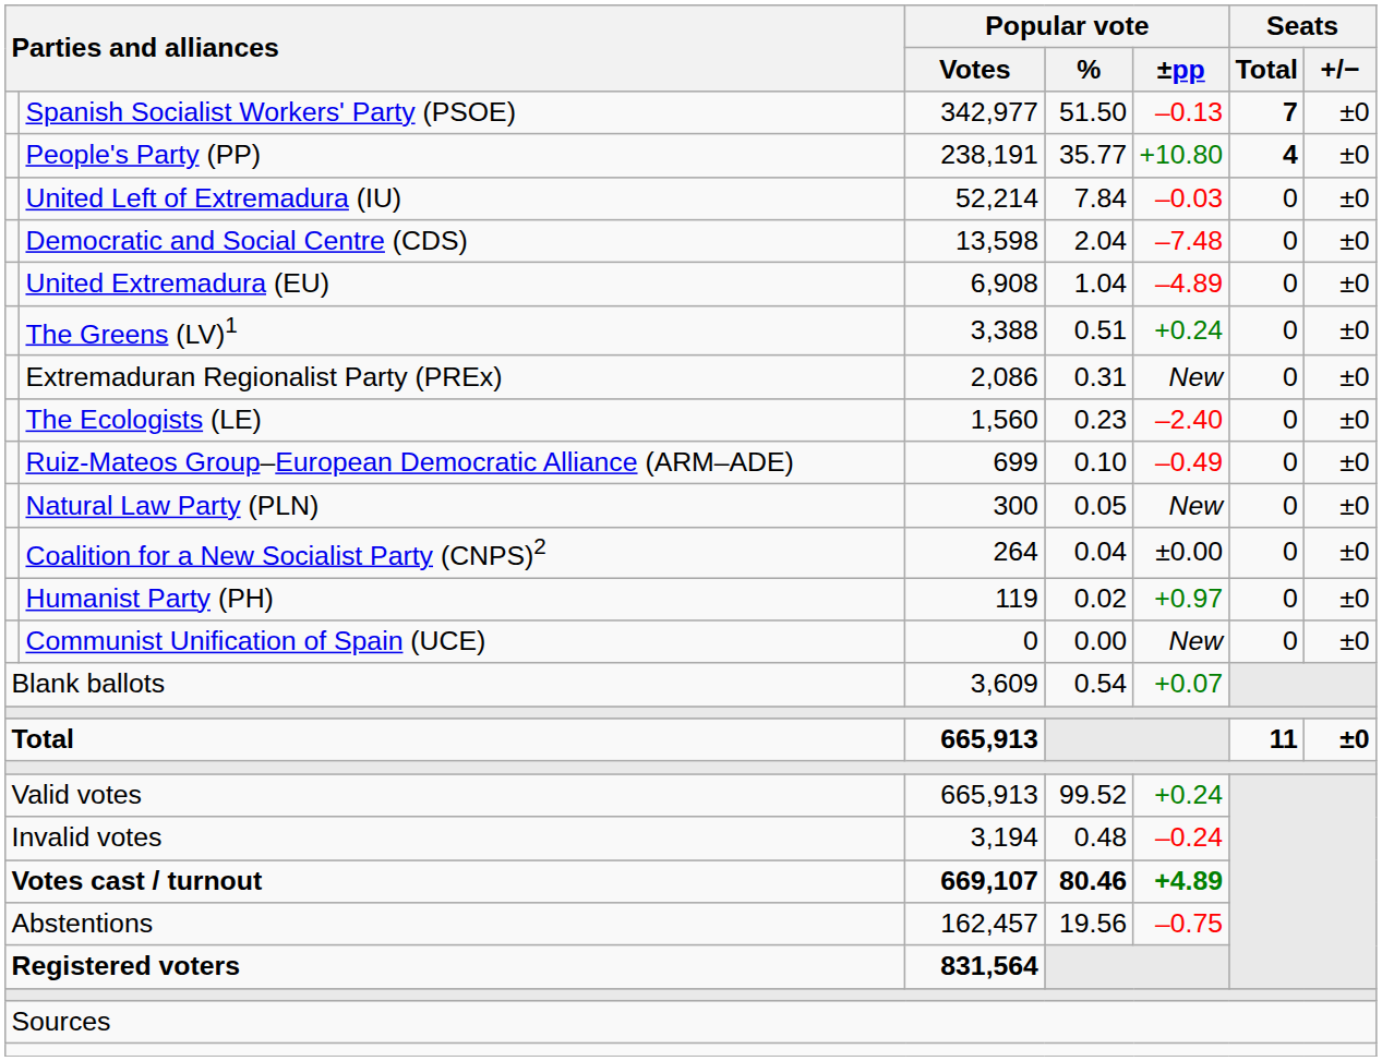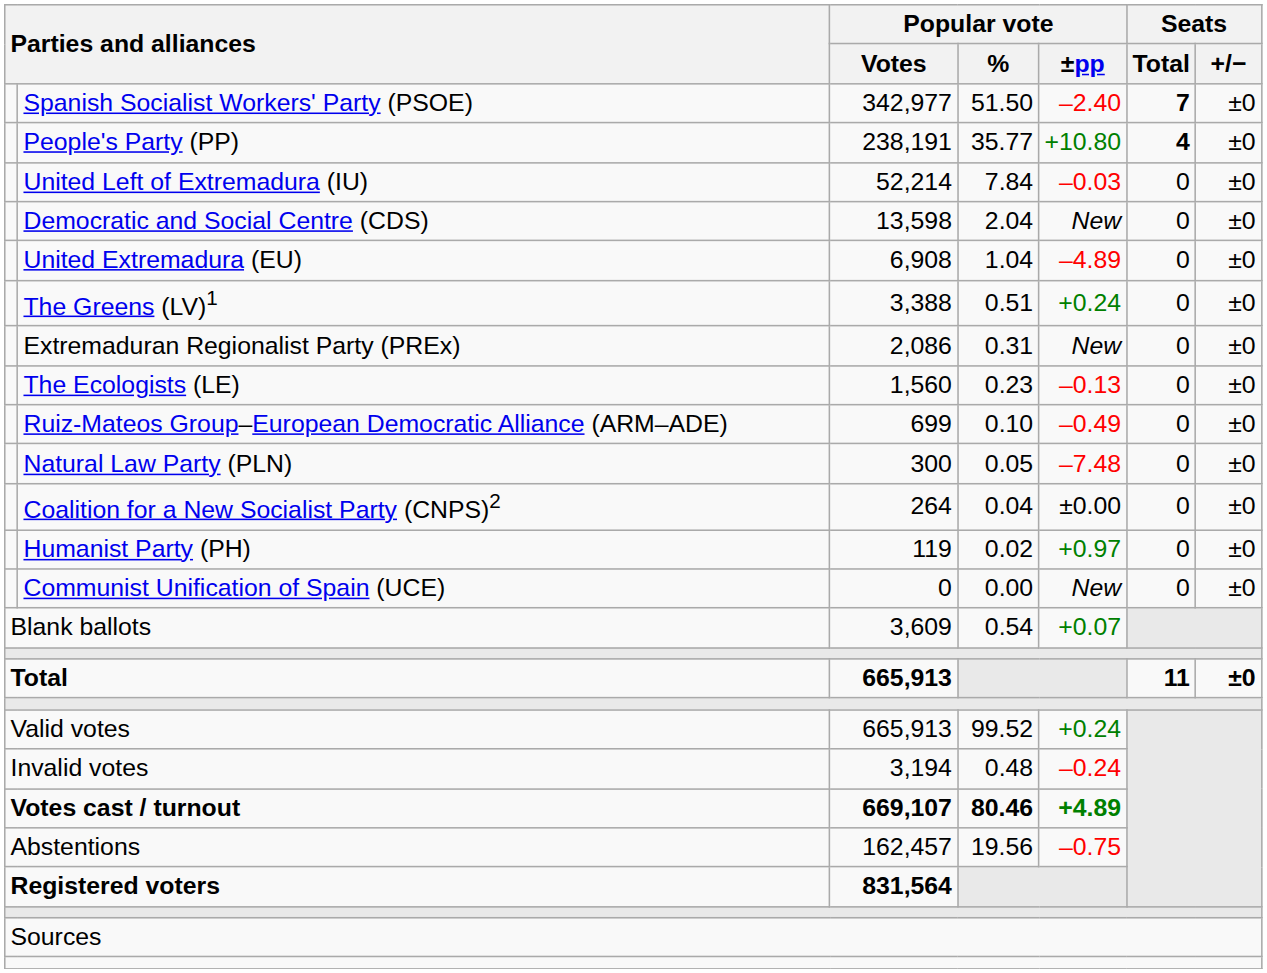 <table class="wikitable" style="text-align:right;">
 <tr>
 <th style="text-align:left;" rowspan="2" colspan="2" width="525">Parties and alliances</th>
 <th colspan="3">Popular vote</th>
 <th colspan="2">Seats</th>
 </tr>
 <tr>
 <th width="75">Votes</th>
 <th width="45">%</th>
 <th width="45">±<a href='#'>pp</a></th>
 <th width="35">Total</th>
 <th width="35">+/−</th>
 </tr>
 <tr>
 <td width="1" style="color:inherit;background:"></td>
 <td align="left"><a href='#'>Spanish Socialist Workers' Party</a> (PSOE)</td>
 <td>342,977</td>
 <td>51.50</td>
-<td style="color:red;">–0.13</td>
+<td style="color:red;">–2.40</td>
 <td><strong>7</strong></td>
 <td>±0</td>
 </tr>
 <tr>
 <td style="color:inherit;background:"></td>
 <td align="left"><a href='#'>People's Party</a> (PP)</td>
 <td>238,191</td>
 <td>35.77</td>
 <td style="color:green;">+10.80</td>
 <td><strong>4</strong></td>
 <td>±0</td>
 </tr>
 <tr>
 <td style="color:inherit;background:"></td>
 <td align="left"><a href='#'>United Left of Extremadura</a> (IU)</td>
 <td>52,214</td>
 <td>7.84</td>
 <td style="color:red;">–0.03</td>
 <td>0</td>
 <td>±0</td>
 </tr>
 <tr>
 <td style="color:inherit;background:"></td>
 <td align="left"><a href='#'>Democratic and Social Centre</a> (CDS)</td>
 <td>13,598</td>
 <td>2.04</td>
-<td style="color:red;">–7.48</td>
+<td><em>New</em></td>
 <td>0</td>
 <td>±0</td>
 </tr>
 <tr>
 <td style="color:inherit;background:"></td>
 <td align="left"><a href='#'>United Extremadura</a> (EU)</td>
 <td>6,908</td>
 <td>1.04</td>
 <td style="color:red;">–4.89</td>
 <td>0</td>
 <td>±0</td>
 </tr>
 <tr>
 <td style="color:inherit;background:"></td>
 <td align="left"><a href='#'>The Greens</a> (LV)<sup>1</sup></td>
 <td>3,388</td>
 <td>0.51</td>
 <td style="color:green;">+0.24</td>
 <td>0</td>
 <td>±0</td>
 </tr>
 <tr>
 <td style="color:inherit;background:"></td>
 <td align="left">Extremaduran Regionalist Party (PREx)</td>
 <td>2,086</td>
 <td>0.31</td>
 <td><em>New</em></td>
 <td>0</td>
 <td>±0</td>
 </tr>
 <tr>
 <td style="color:inherit;background:"></td>
 <td align="left"><a href='#'>The Ecologists</a> (LE)</td>
 <td>1,560</td>
 <td>0.23</td>
-<td style="color:red;">–2.40</td>
+<td style="color:red;">–0.13</td>
 <td>0</td>
 <td>±0</td>
 </tr>
 <tr>
 <td style="color:inherit;background:"></td>
 <td align="left"><a href='#'>Ruiz-Mateos Group</a>–<a href='#'>European Democratic Alliance</a> (ARM–ADE)</td>
 <td>699</td>
 <td>0.10</td>
 <td style="color:red;">–0.49</td>
 <td>0</td>
 <td>±0</td>
 </tr>
 <tr>
 <td style="color:inherit;background:"></td>
 <td align="left"><a href='#'>Natural Law Party</a> (PLN)</td>
 <td>300</td>
 <td>0.05</td>
-<td><em>New</em></td>
+<td style="color:red;">–7.48</td>
 <td>0</td>
 <td>±0</td>
 </tr>
 <tr>
 <td style="color:inherit;background:"></td>
 <td align="left"><a href='#'>Coalition for a New Socialist Party</a> (CNPS)<sup>2</sup></td>
 <td>264</td>
 <td>0.04</td>
 <td>±0.00</td>
 <td>0</td>
 <td>±0</td>
 </tr>
 <tr>
 <td style="color:inherit;background:"></td>
 <td align="left"><a href='#'>Humanist Party</a> (PH)</td>
 <td>119</td>
 <td>0.02</td>
 <td style="color:green;">+0.97</td>
 <td>0</td>
 <td>±0</td>
 </tr>
 <tr>
 <td style="color:inherit;background:"></td>
 <td align="left"><a href='#'>Communist Unification of Spain</a> (UCE)</td>
 <td>0</td>
 <td>0.00</td>
 <td><em>New</em></td>
 <td>0</td>
 <td>±0</td>
 </tr>
 <tr>
 <td align="left" colspan="2">Blank ballots</td>
 <td>3,609</td>
 <td>0.54</td>
 <td style="color:green;">+0.07</td>
 <td bgcolor="#E9E9E9" colspan="2"></td>
 </tr>
 <tr>
 <td colspan="7" bgcolor="#E9E9E9"></td>
 </tr>
 <tr style="font-weight:bold;">
 <td align="left" colspan="2">Total</td>
 <td>665,913</td>
 <td bgcolor="#E9E9E9" colspan="2"></td>
 <td>11</td>
 <td>±0</td>
 </tr>
 <tr>
 <td colspan="7" bgcolor="#E9E9E9"></td>
 </tr>
 <tr>
 <td align="left" colspan="2">Valid votes</td>
 <td>665,913</td>
 <td>99.52</td>
 <td style="color:green;">+0.24</td>
 <td bgcolor="#E9E9E9" colspan="2" rowspan="5"></td>
 </tr>
 <tr>
 <td align="left" colspan="2">Invalid votes</td>
 <td>3,194</td>
 <td>0.48</td>
 <td style="color:red;">–0.24</td>
 </tr>
 <tr style="font-weight:bold;">
 <td align="left" colspan="2">Votes cast / turnout</td>
 <td>669,107</td>
 <td>80.46</td>
 <td style="color:green;">+4.89</td>
 </tr>
 <tr>
 <td align="left" colspan="2">Abstentions</td>
 <td>162,457</td>
 <td>19.56</td>
 <td style="color:red;">–0.75</td>
 </tr>
 <tr style="font-weight:bold;">
 <td align="left" colspan="2">Registered voters</td>
 <td>831,564</td>
 <td bgcolor="#E9E9E9" colspan="2"></td>
 </tr>
 <tr>
 <td colspan="7" bgcolor="#E9E9E9"></td>
 </tr>
 <tr>
 <td align="left" colspan="7">Sources</td>
 </tr>
 <tr>
 <td colspan="7" style="text-align:left; max-width:790px;"></td>
 </tr>
 </table>
